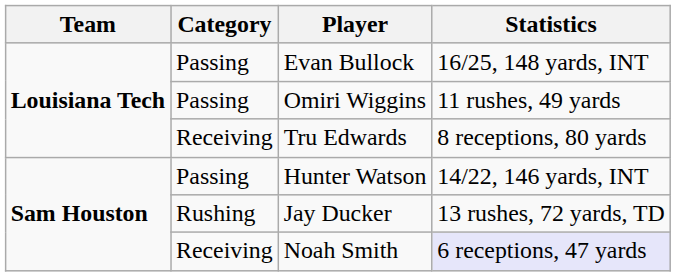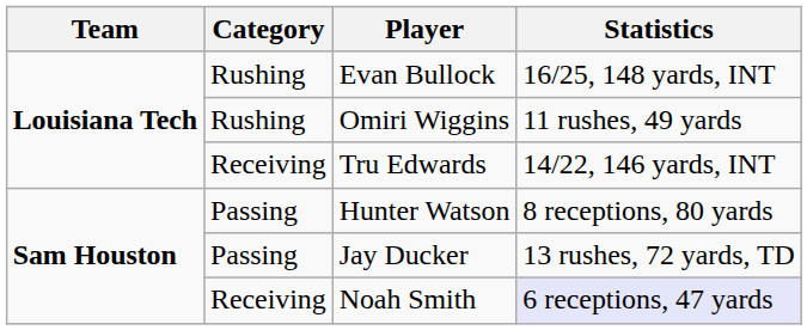 <table class="wikitable" style="float: right;">
 <tr>
 <th>Team</th>
 <th>Category</th>
 <th>Player</th>
 <th>Statistics</th>
 </tr>
 <tr>
 <td rowspan=3><strong>Louisiana Tech</strong></td>
-<td>Passing</td>
+<td>Rushing</td>
 <td>Evan Bullock</td>
 <td>16/25, 148 yards, INT</td>
 </tr>
 <tr>
-<td>Passing</td>
+<td>Rushing</td>
 <td>Omiri Wiggins</td>
 <td>11 rushes, 49 yards</td>
 </tr>
 <tr>
 <td>Receiving</td>
 <td>Tru Edwards</td>
-<td>8 receptions, 80 yards</td>
+<td>14/22, 146 yards, INT</td>
 </tr>
 <tr>
 <td rowspan=3><strong>Sam Houston</strong></td>
 <td>Passing</td>
 <td>Hunter Watson</td>
-<td>14/22, 146 yards, INT</td>
+<td>8 receptions, 80 yards</td>
 </tr>
 <tr>
-<td>Rushing</td>
+<td>Passing</td>
 <td>Jay Ducker</td>
 <td>13 rushes, 72 yards, TD</td>
 </tr>
 <tr>
 <td>Receiving</td>
 <td>Noah Smith</td>
 <td style="background: lavender;">6 receptions, 47 yards</td>
 </tr>
 </table>
